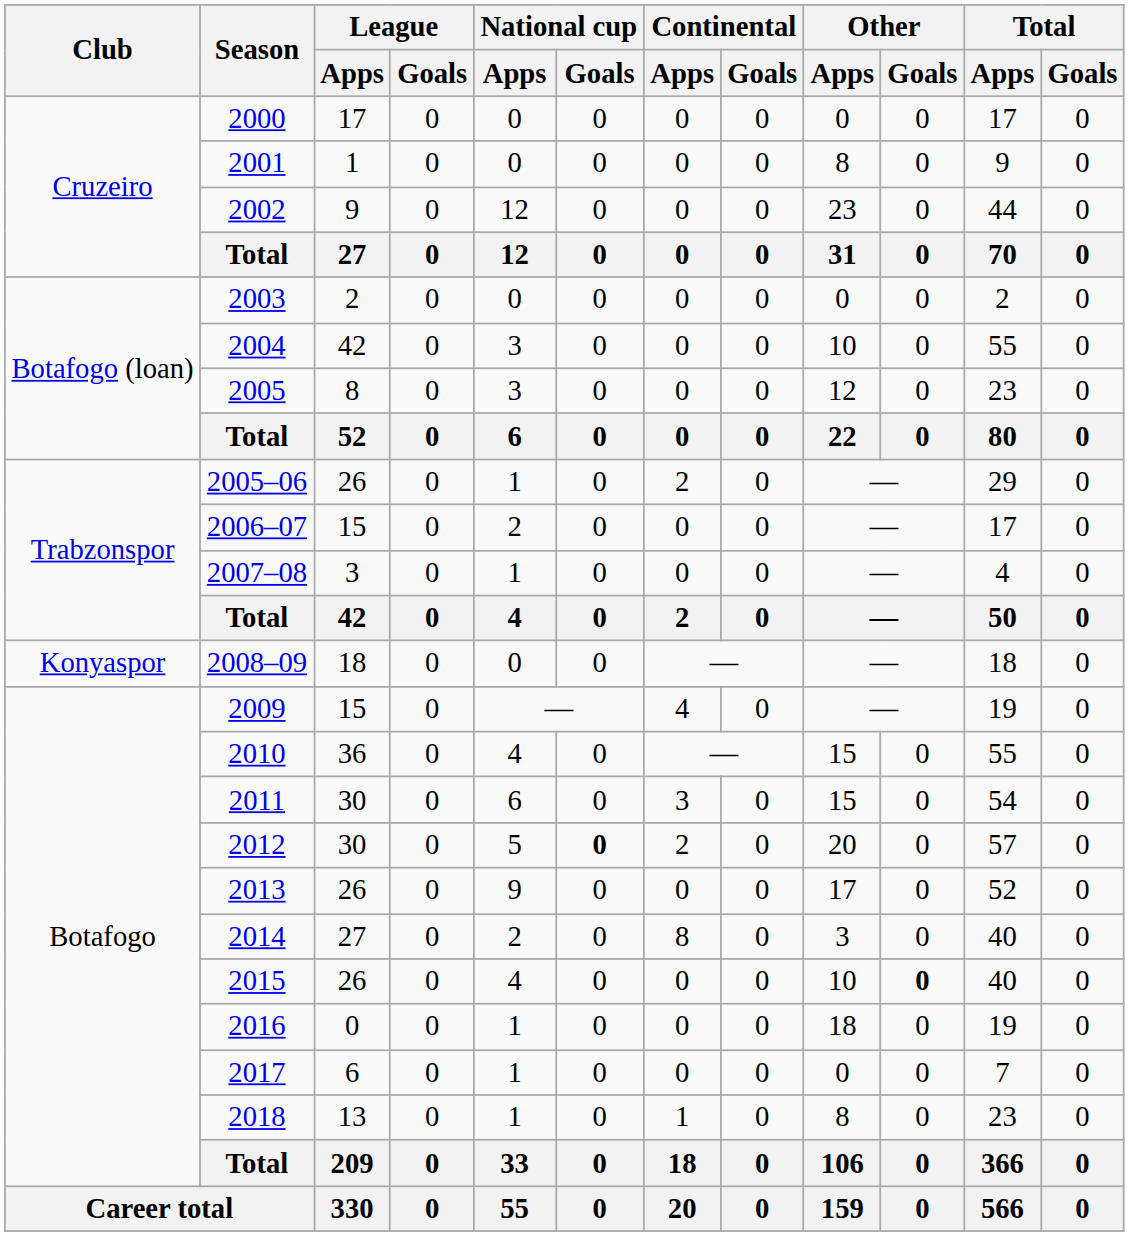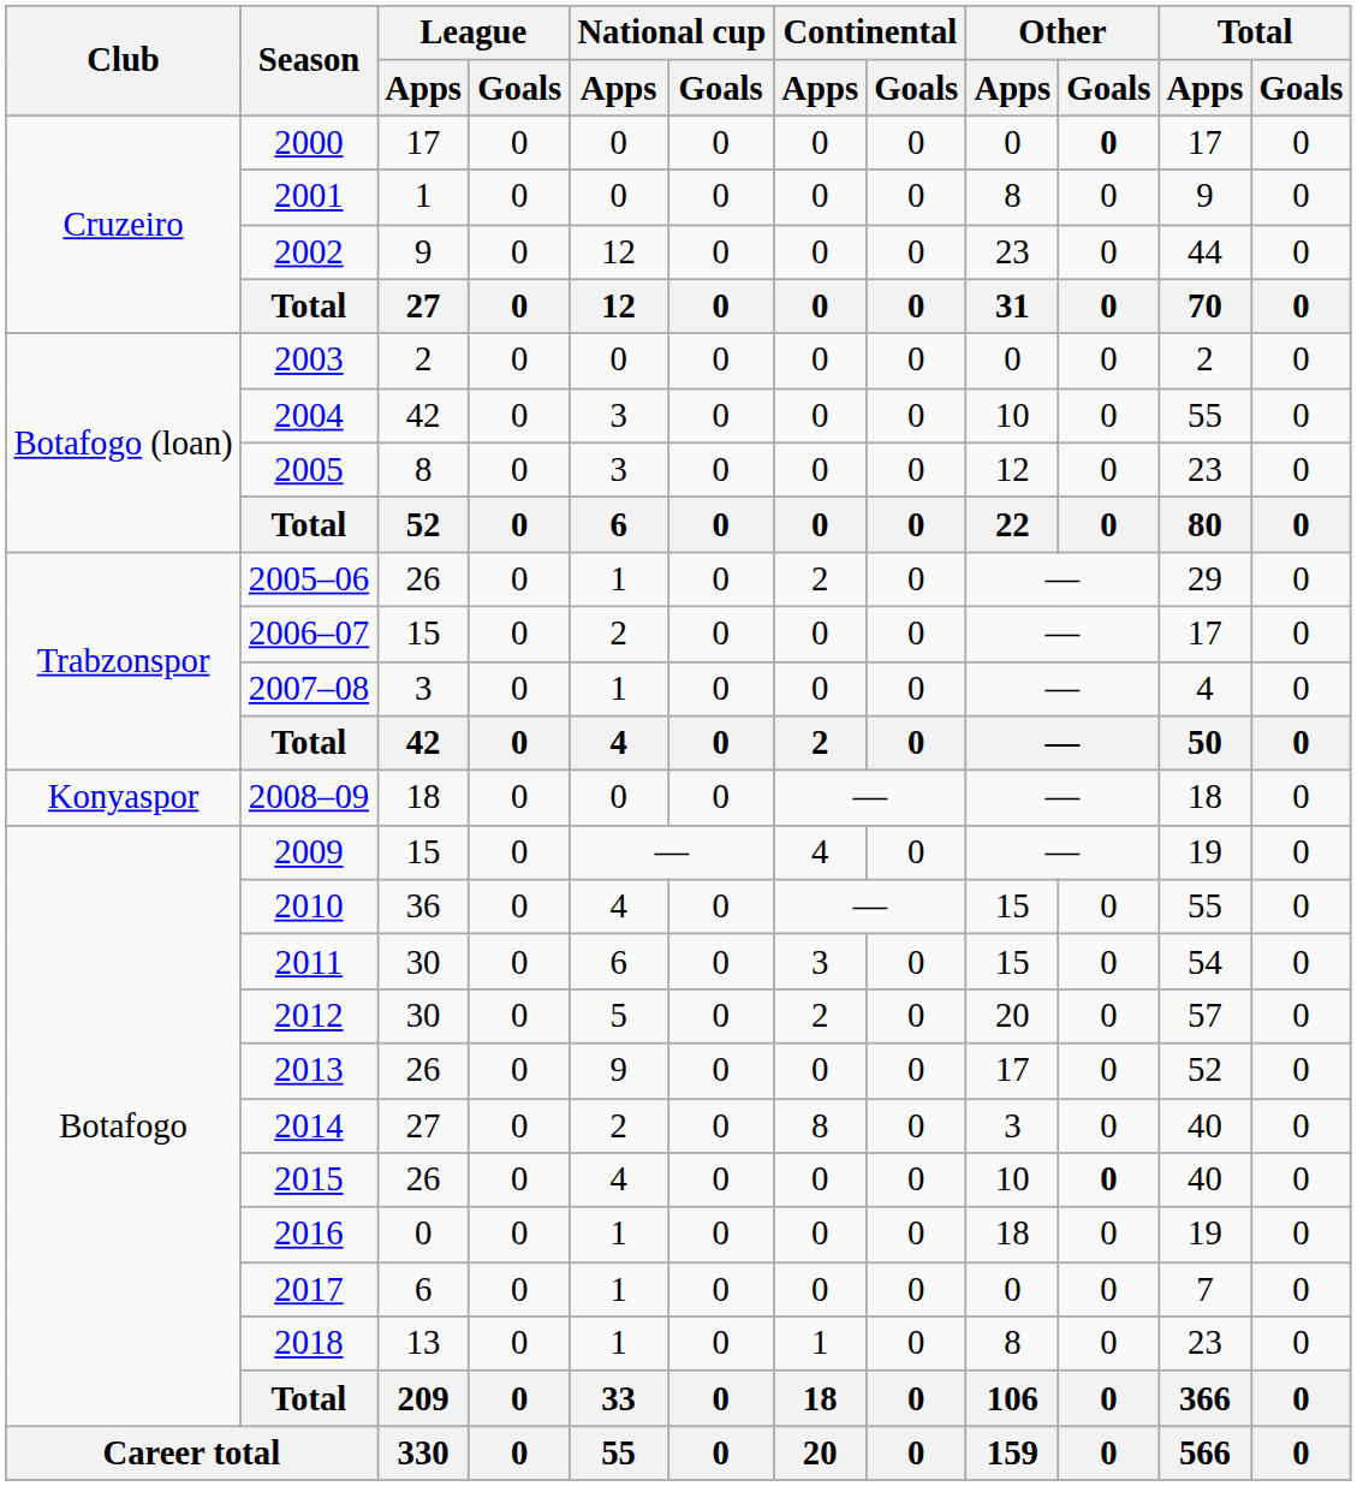 <table class="wikitable" style="text-align:center">
 <tr>
 <th rowspan="2">Club</th>
 <th rowspan="2">Season</th>
 <th colspan="2">League</th>
 <th colspan="2">National cup</th>
 <th colspan="2">Continental</th>
 <th colspan="2">Other</th>
 <th colspan="2">Total</th>
 </tr>
 <tr>
 <th>Apps</th>
 <th>Goals</th>
 <th>Apps</th>
 <th>Goals</th>
 <th>Apps</th>
 <th>Goals</th>
 <th>Apps</th>
 <th>Goals</th>
 <th>Apps</th>
 <th>Goals</th>
 </tr>
 <tr>
 <td rowspan="4"><a href='#'>Cruzeiro</a></td>
 <td><a href='#'>2000</a></td>
 <td>17</td>
 <td>0</td>
 <td>0</td>
 <td>0</td>
 <td>0</td>
 <td>0</td>
 <td>0</td>
-<td>0</td>
+<td><strong>0</strong></td>
 <td>17</td>
 <td>0</td>
 </tr>
 <tr>
 <td><a href='#'>2001</a></td>
 <td>1</td>
 <td>0</td>
 <td>0</td>
 <td>0</td>
 <td>0</td>
 <td>0</td>
 <td>8</td>
 <td>0</td>
 <td>9</td>
 <td>0</td>
 </tr>
 <tr>
 <td><a href='#'>2002</a></td>
 <td>9</td>
 <td>0</td>
 <td>12</td>
 <td>0</td>
 <td>0</td>
 <td>0</td>
 <td>23</td>
 <td>0</td>
 <td>44</td>
 <td>0</td>
 </tr>
 <tr>
 <th>Total</th>
 <th>27</th>
 <th>0</th>
 <th>12</th>
 <th>0</th>
 <th>0</th>
 <th>0</th>
 <th>31</th>
 <th>0</th>
 <th>70</th>
 <th>0</th>
 </tr>
 <tr>
 <td rowspan="4"><a href='#'>Botafogo</a> (loan)</td>
 <td><a href='#'>2003</a></td>
 <td>2</td>
 <td>0</td>
 <td>0</td>
 <td>0</td>
 <td>0</td>
 <td>0</td>
 <td>0</td>
 <td>0</td>
 <td>2</td>
 <td>0</td>
 </tr>
 <tr>
 <td><a href='#'>2004</a></td>
 <td>42</td>
 <td>0</td>
 <td>3</td>
 <td>0</td>
 <td>0</td>
 <td>0</td>
 <td>10</td>
 <td>0</td>
 <td>55</td>
 <td>0</td>
 </tr>
 <tr>
 <td><a href='#'>2005</a></td>
 <td>8</td>
 <td>0</td>
 <td>3</td>
 <td>0</td>
 <td>0</td>
 <td>0</td>
 <td>12</td>
 <td>0</td>
 <td>23</td>
 <td>0</td>
 </tr>
 <tr>
 <th>Total</th>
 <th>52</th>
 <th>0</th>
 <th>6</th>
 <th>0</th>
 <th>0</th>
 <th>0</th>
 <th>22</th>
 <th>0</th>
 <th>80</th>
 <th>0</th>
 </tr>
 <tr>
 <td rowspan="4"><a href='#'>Trabzonspor</a></td>
 <td><a href='#'>2005–06</a></td>
 <td>26</td>
 <td>0</td>
 <td>1</td>
 <td>0</td>
 <td>2</td>
 <td>0</td>
 <td colspan="2">—</td>
 <td>29</td>
 <td>0</td>
 </tr>
 <tr>
 <td><a href='#'>2006–07</a></td>
 <td>15</td>
 <td>0</td>
 <td>2</td>
 <td>0</td>
 <td>0</td>
 <td>0</td>
 <td colspan="2">—</td>
 <td>17</td>
 <td>0</td>
 </tr>
 <tr>
 <td><a href='#'>2007–08</a></td>
 <td>3</td>
 <td>0</td>
 <td>1</td>
 <td>0</td>
 <td>0</td>
 <td>0</td>
 <td colspan="2">—</td>
 <td>4</td>
 <td>0</td>
 </tr>
 <tr>
 <th>Total</th>
 <th>42</th>
 <th>0</th>
 <th>4</th>
 <th>0</th>
 <th>2</th>
 <th>0</th>
 <th colspan="2">—</th>
 <th>50</th>
 <th>0</th>
 </tr>
 <tr>
 <td><a href='#'>Konyaspor</a></td>
 <td><a href='#'>2008–09</a></td>
 <td>18</td>
 <td>0</td>
 <td>0</td>
 <td>0</td>
 <td colspan="2">—</td>
 <td colspan="2">—</td>
 <td>18</td>
 <td>0</td>
 </tr>
 <tr>
 <td rowspan="11">Botafogo</td>
 <td><a href='#'>2009</a></td>
 <td>15</td>
 <td>0</td>
 <td colspan="2">—</td>
 <td>4</td>
 <td>0</td>
 <td colspan="2">—</td>
 <td>19</td>
 <td>0</td>
 </tr>
 <tr>
 <td><a href='#'>2010</a></td>
 <td>36</td>
 <td>0</td>
 <td>4</td>
 <td>0</td>
 <td colspan="2">—</td>
 <td>15</td>
 <td>0</td>
 <td>55</td>
 <td>0</td>
 </tr>
 <tr>
 <td><a href='#'>2011</a></td>
 <td>30</td>
 <td>0</td>
 <td>6</td>
 <td>0</td>
 <td>3</td>
 <td>0</td>
 <td>15</td>
 <td>0</td>
 <td>54</td>
 <td>0</td>
 </tr>
 <tr>
 <td><a href='#'>2012</a></td>
 <td>30</td>
 <td>0</td>
 <td>5</td>
-<td><strong>0</strong></td>
+<td>0</td>
 <td>2</td>
 <td>0</td>
 <td>20</td>
 <td>0</td>
 <td>57</td>
 <td>0</td>
 </tr>
 <tr>
 <td><a href='#'>2013</a></td>
 <td>26</td>
 <td>0</td>
 <td>9</td>
 <td>0</td>
 <td>0</td>
 <td>0</td>
 <td>17</td>
 <td>0</td>
 <td>52</td>
 <td>0</td>
 </tr>
 <tr>
 <td><a href='#'>2014</a></td>
 <td>27</td>
 <td>0</td>
 <td>2</td>
 <td>0</td>
 <td>8</td>
 <td>0</td>
 <td>3</td>
 <td>0</td>
 <td>40</td>
 <td>0</td>
 </tr>
 <tr>
 <td><a href='#'>2015</a></td>
 <td>26</td>
 <td>0</td>
 <td>4</td>
 <td>0</td>
 <td>0</td>
 <td>0</td>
 <td>10</td>
 <td><strong>0</strong></td>
 <td>40</td>
 <td>0</td>
 </tr>
 <tr>
 <td><a href='#'>2016</a></td>
 <td>0</td>
 <td>0</td>
 <td>1</td>
 <td>0</td>
 <td>0</td>
 <td>0</td>
 <td>18</td>
 <td>0</td>
 <td>19</td>
 <td>0</td>
 </tr>
 <tr>
 <td><a href='#'>2017</a></td>
 <td>6</td>
 <td>0</td>
 <td>1</td>
 <td>0</td>
 <td>0</td>
 <td>0</td>
 <td>0</td>
 <td>0</td>
 <td>7</td>
 <td>0</td>
 </tr>
 <tr>
 <td><a href='#'>2018</a></td>
 <td>13</td>
 <td>0</td>
 <td>1</td>
 <td>0</td>
 <td>1</td>
 <td>0</td>
 <td>8</td>
 <td>0</td>
 <td>23</td>
 <td>0</td>
 </tr>
 <tr>
 <th>Total</th>
 <th>209</th>
 <th>0</th>
 <th>33</th>
 <th>0</th>
 <th>18</th>
 <th>0</th>
 <th>106</th>
 <th>0</th>
 <th>366</th>
 <th>0</th>
 </tr>
 <tr>
 <th colspan="2">Career total</th>
 <th>330</th>
 <th>0</th>
 <th>55</th>
 <th>0</th>
 <th>20</th>
 <th>0</th>
 <th>159</th>
 <th>0</th>
 <th>566</th>
 <th>0</th>
 </tr>
 </table>
